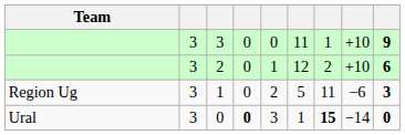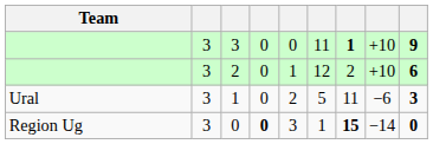 <table class="wikitable" style="text-align: center;">
 <tr>
 <th width=170>Team</th>
 <th width=20></th>
 <th width=20></th>
 <th width=20></th>
 <th width=20></th>
 <th width=20></th>
 <th width=20></th>
 <th width=20></th>
 <th width=20></th>
 </tr>
 <tr style="background:#cfc;">
 <td style="text-align:left;"></td>
 <td>3</td>
 <td>3</td>
 <td>0</td>
 <td>0</td>
 <td>11</td>
-<td>1</td>
+<td><strong>1</strong></td>
 <td>+10</td>
 <td><strong>9</strong></td>
 </tr>
 <tr style="background:#cfc;">
 <td style="text-align:left;"></td>
 <td>3</td>
 <td>2</td>
 <td>0</td>
 <td>1</td>
 <td>12</td>
 <td>2</td>
 <td>+10</td>
 <td><strong>6</strong></td>
 </tr>
 <tr>
-<td style="text-align:left;"> Region Ug</td>
+<td style="text-align:left;"> Ural</td>
 <td>3</td>
 <td>1</td>
 <td>0</td>
 <td>2</td>
 <td>5</td>
 <td>11</td>
 <td>−6</td>
 <td><strong>3</strong></td>
 </tr>
 <tr>
-<td style="text-align:left;"> Ural</td>
+<td style="text-align:left;"> Region Ug</td>
 <td>3</td>
 <td>0</td>
 <td><strong>0</strong></td>
 <td>3</td>
 <td>1</td>
 <td><strong>15</strong></td>
 <td>−14</td>
 <td><strong>0</strong></td>
 </tr>
 </table>
